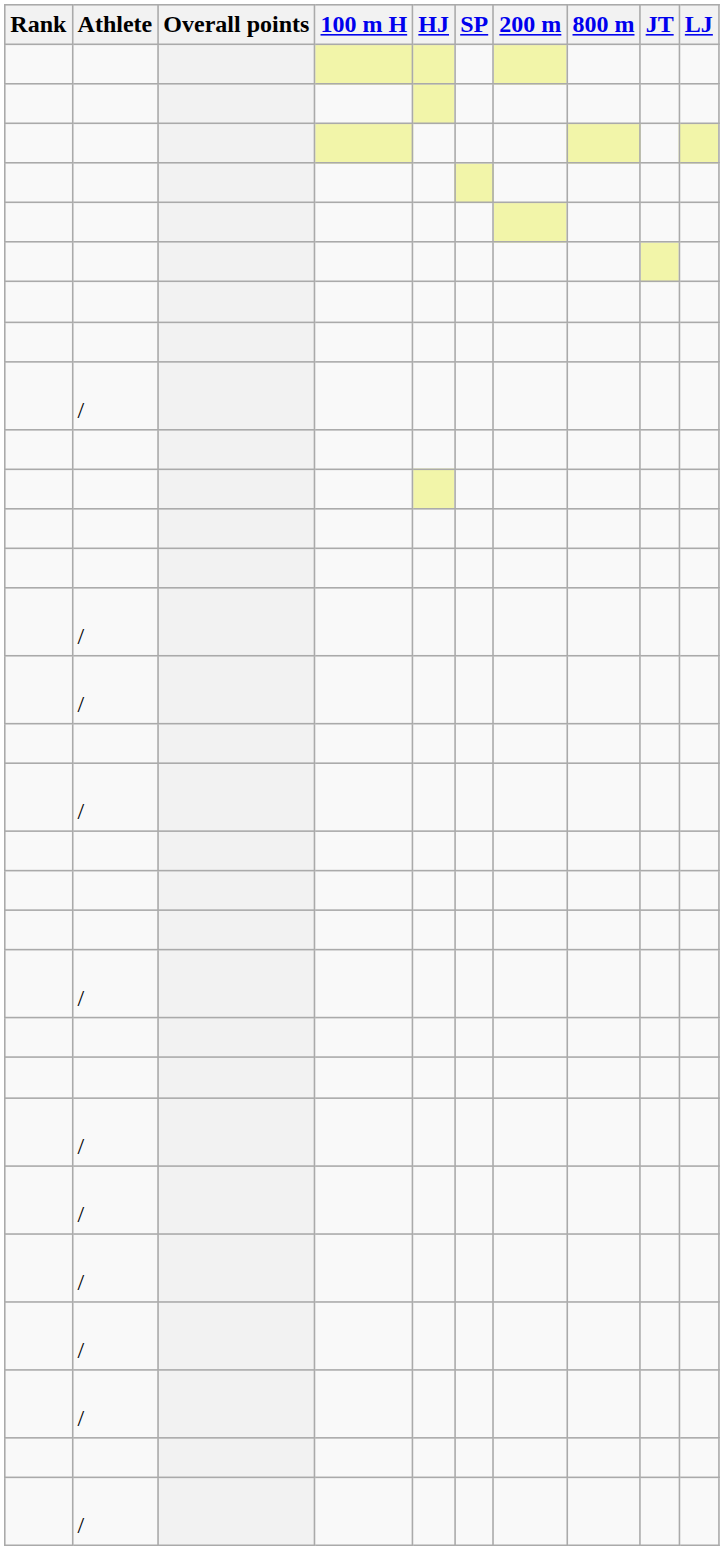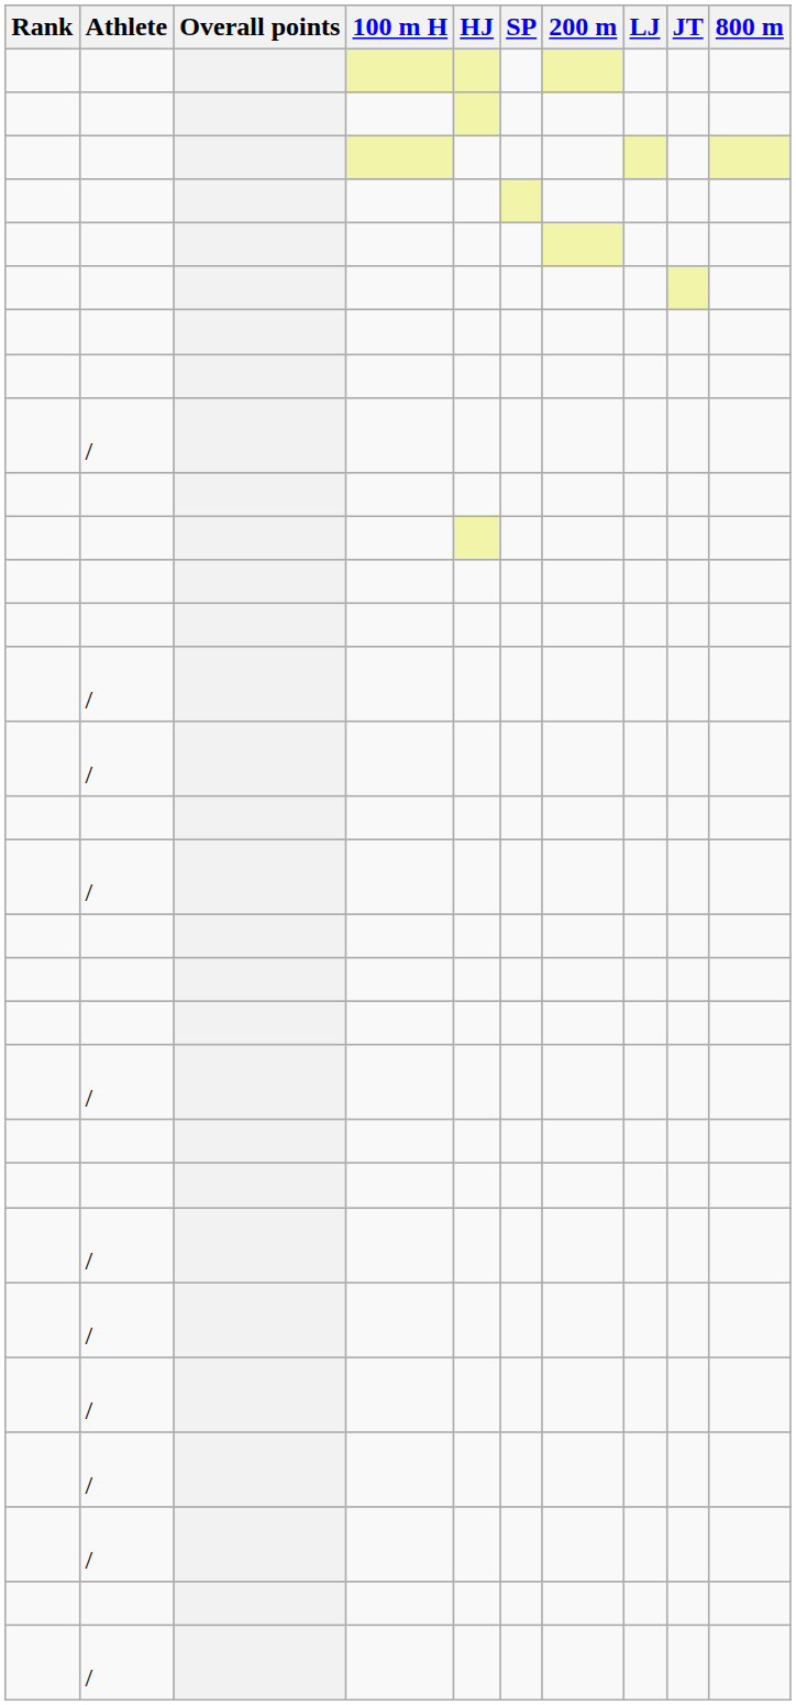 <table class="wikitable sortable" style="font-size:95%;">
 <tr>
 <th>Rank</th>
 <th>Athlete</th>
 <th>Overall points</th>
 <th><a href='#'>100 m H</a></th>
 <th><a href='#'>HJ</a></th>
 <th><a href='#'>SP</a></th>
 <th><a href='#'>200 m</a></th>
+<th><a href='#'>LJ</a></th>
+<th><a href='#'>JT</a></th>
 <th><a href='#'>800 m</a></th>
-<th><a href='#'>JT</a></th>
-<th><a href='#'>LJ</a></th>
 </tr>
 <tr>
 <td align=center></td>
 <td align=left> <br></td>
 <th></th>
 <td bgcolor=#F2F5A9></td>
 <td bgcolor=#F2F5A9></td>
 <td></td>
 <td bgcolor=#F2F5A9></td>
 <td></td>
 <td></td>
 <td></td>
 </tr>
 <tr>
 <td align=center></td>
 <td align=left> <br></td>
 <th></th>
 <td></td>
 <td bgcolor=#F2F5A9></td>
 <td></td>
 <td></td>
 <td></td>
 <td></td>
 <td></td>
 </tr>
 <tr>
 <td align=center></td>
 <td align=left> <br></td>
 <th></th>
 <td bgcolor=#F2F5A9></td>
 <td></td>
 <td></td>
 <td></td>
 <td bgcolor=#F2F5A9></td>
 <td></td>
 <td bgcolor=#F2F5A9></td>
 </tr>
 <tr>
 <td align=center></td>
 <td align=left> <br></td>
 <th></th>
 <td></td>
 <td></td>
 <td bgcolor=#F2F5A9></td>
 <td></td>
 <td></td>
 <td></td>
 <td></td>
 </tr>
 <tr>
 <td align=center></td>
 <td align=left> <br></td>
 <th></th>
 <td></td>
 <td></td>
 <td></td>
 <td bgcolor=#F2F5A9></td>
 <td></td>
 <td></td>
 <td></td>
 </tr>
 <tr>
 <td align=center></td>
 <td align=left> <br></td>
 <th></th>
 <td></td>
 <td></td>
 <td></td>
 <td></td>
 <td></td>
 <td bgcolor=#F2F5A9></td>
 <td></td>
 </tr>
 <tr>
 <td align=center></td>
 <td align=left> <br></td>
 <th></th>
 <td></td>
 <td></td>
 <td></td>
 <td></td>
 <td></td>
 <td></td>
 <td></td>
 </tr>
 <tr>
 <td align=center></td>
 <td align=left> <br></td>
 <th></th>
 <td></td>
 <td></td>
 <td></td>
 <td></td>
 <td></td>
 <td></td>
 <td></td>
 </tr>
 <tr>
 <td align=center></td>
 <td align=left> <br>/</td>
 <th></th>
 <td></td>
 <td></td>
 <td></td>
 <td></td>
 <td></td>
 <td></td>
 <td></td>
 </tr>
 <tr>
 <td align=center></td>
 <td align=left> <br></td>
 <th></th>
 <td></td>
 <td></td>
 <td></td>
 <td></td>
 <td></td>
 <td></td>
 <td></td>
 </tr>
 <tr>
 <td align=center></td>
 <td align=left> <br></td>
 <th></th>
 <td></td>
 <td bgcolor=#F2F5A9></td>
 <td></td>
 <td></td>
 <td></td>
 <td></td>
 <td></td>
 </tr>
 <tr>
 <td align=center></td>
 <td align=left> <br></td>
 <th></th>
 <td></td>
 <td></td>
 <td></td>
 <td></td>
 <td></td>
 <td></td>
 <td></td>
 </tr>
 <tr>
 <td align=center></td>
 <td align=left> <br></td>
 <th></th>
 <td></td>
 <td></td>
 <td></td>
 <td></td>
 <td></td>
 <td></td>
 <td></td>
 </tr>
 <tr>
 <td align=center></td>
 <td align=left> <br>/</td>
 <th></th>
 <td></td>
 <td></td>
 <td></td>
 <td></td>
 <td></td>
 <td></td>
 <td></td>
 </tr>
 <tr>
 <td align=center></td>
 <td align=left> <br>/</td>
 <th></th>
 <td></td>
 <td></td>
 <td></td>
 <td></td>
 <td></td>
 <td></td>
 <td></td>
 </tr>
 <tr>
 <td align=center></td>
 <td align=left> <br></td>
 <th></th>
 <td></td>
 <td></td>
 <td></td>
 <td></td>
 <td></td>
 <td></td>
 <td></td>
 </tr>
 <tr>
 <td align=center></td>
 <td align=left> <br>/</td>
 <th></th>
 <td></td>
 <td></td>
 <td></td>
 <td></td>
 <td></td>
 <td></td>
 <td></td>
 </tr>
 <tr>
 <td align=center></td>
 <td align=left> <br></td>
 <th></th>
 <td></td>
 <td></td>
 <td></td>
 <td></td>
 <td></td>
 <td></td>
 <td></td>
 </tr>
 <tr>
 <td align=center></td>
 <td align=left> <br></td>
 <th></th>
 <td></td>
 <td></td>
 <td></td>
 <td></td>
 <td></td>
 <td></td>
 <td></td>
 </tr>
 <tr>
 <td align=center></td>
 <td align=left> <br></td>
 <th></th>
 <td></td>
 <td></td>
 <td></td>
 <td></td>
 <td></td>
 <td></td>
 <td></td>
 </tr>
 <tr>
 <td align=center></td>
 <td align=left> <br>/</td>
 <th></th>
 <td></td>
 <td></td>
 <td></td>
 <td></td>
 <td></td>
 <td></td>
 <td></td>
 </tr>
 <tr>
 <td align=center></td>
 <td align=left> <br></td>
 <th></th>
 <td></td>
 <td></td>
 <td></td>
 <td></td>
 <td></td>
 <td></td>
 <td></td>
 </tr>
 <tr>
 <td align=center></td>
 <td align=left> <br></td>
 <th></th>
 <td></td>
 <td></td>
 <td></td>
 <td></td>
 <td></td>
 <td></td>
 <td></td>
 </tr>
 <tr>
 <td align=center></td>
 <td align=left> <br>/</td>
 <th></th>
 <td></td>
 <td></td>
 <td></td>
 <td></td>
 <td></td>
 <td></td>
 <td></td>
 </tr>
 <tr>
 <td align=center></td>
 <td align=left> <br>/</td>
 <th></th>
 <td></td>
 <td></td>
 <td></td>
 <td></td>
 <td></td>
 <td></td>
 <td></td>
 </tr>
 <tr>
 <td align=center></td>
 <td align=left> <br>/</td>
 <th></th>
 <td></td>
 <td></td>
 <td></td>
 <td></td>
 <td></td>
 <td></td>
 <td></td>
 </tr>
 <tr>
 <td align=center></td>
 <td align=left> <br>/</td>
 <th></th>
 <td></td>
 <td></td>
 <td></td>
 <td></td>
 <td></td>
 <td></td>
 <td></td>
 </tr>
 <tr>
 <td align=center></td>
 <td align=left> <br>/</td>
 <th></th>
 <td></td>
 <td></td>
 <td></td>
 <td></td>
 <td></td>
 <td></td>
 <td></td>
 </tr>
 <tr>
 <td align=center></td>
 <td align=left> <br></td>
 <th></th>
 <td></td>
 <td></td>
 <td></td>
 <td></td>
 <td></td>
 <td></td>
 <td></td>
 </tr>
 <tr>
 <td align=center></td>
 <td align=left> <br>/</td>
 <th></th>
 <td></td>
 <td></td>
 <td></td>
 <td></td>
 <td></td>
 <td></td>
 <td></td>
 </tr>
 </table>
